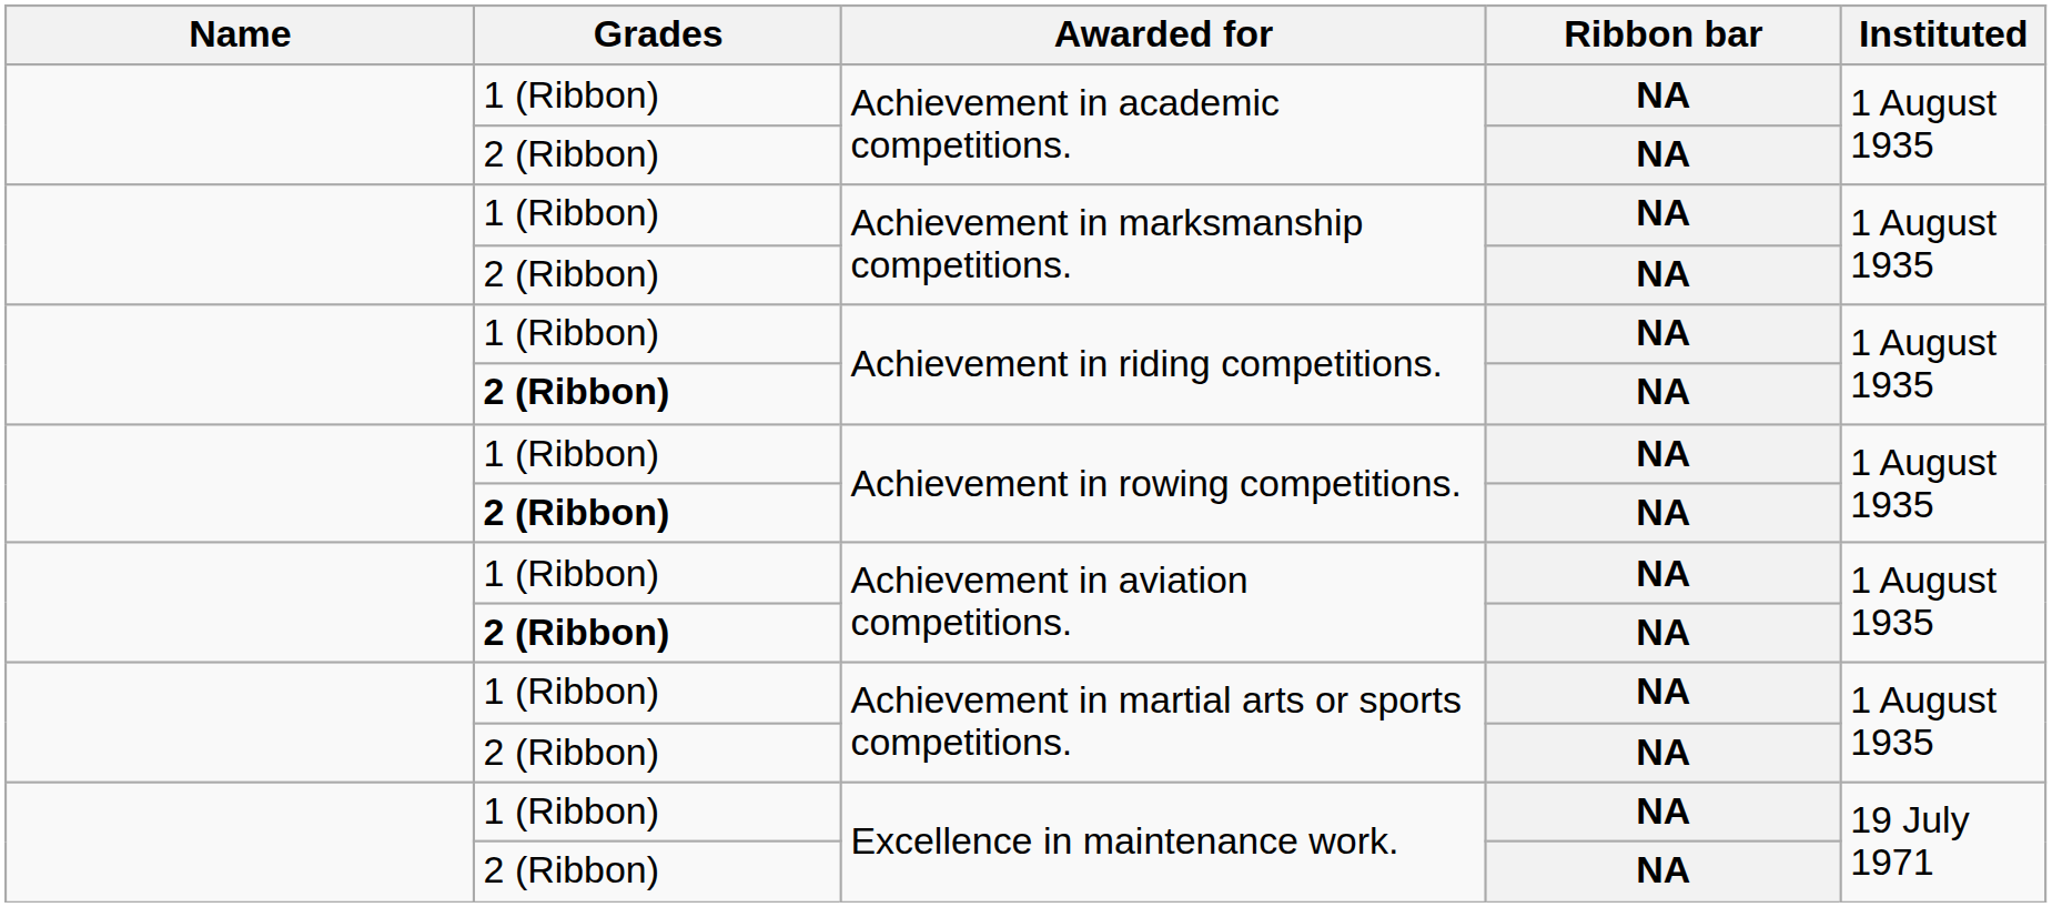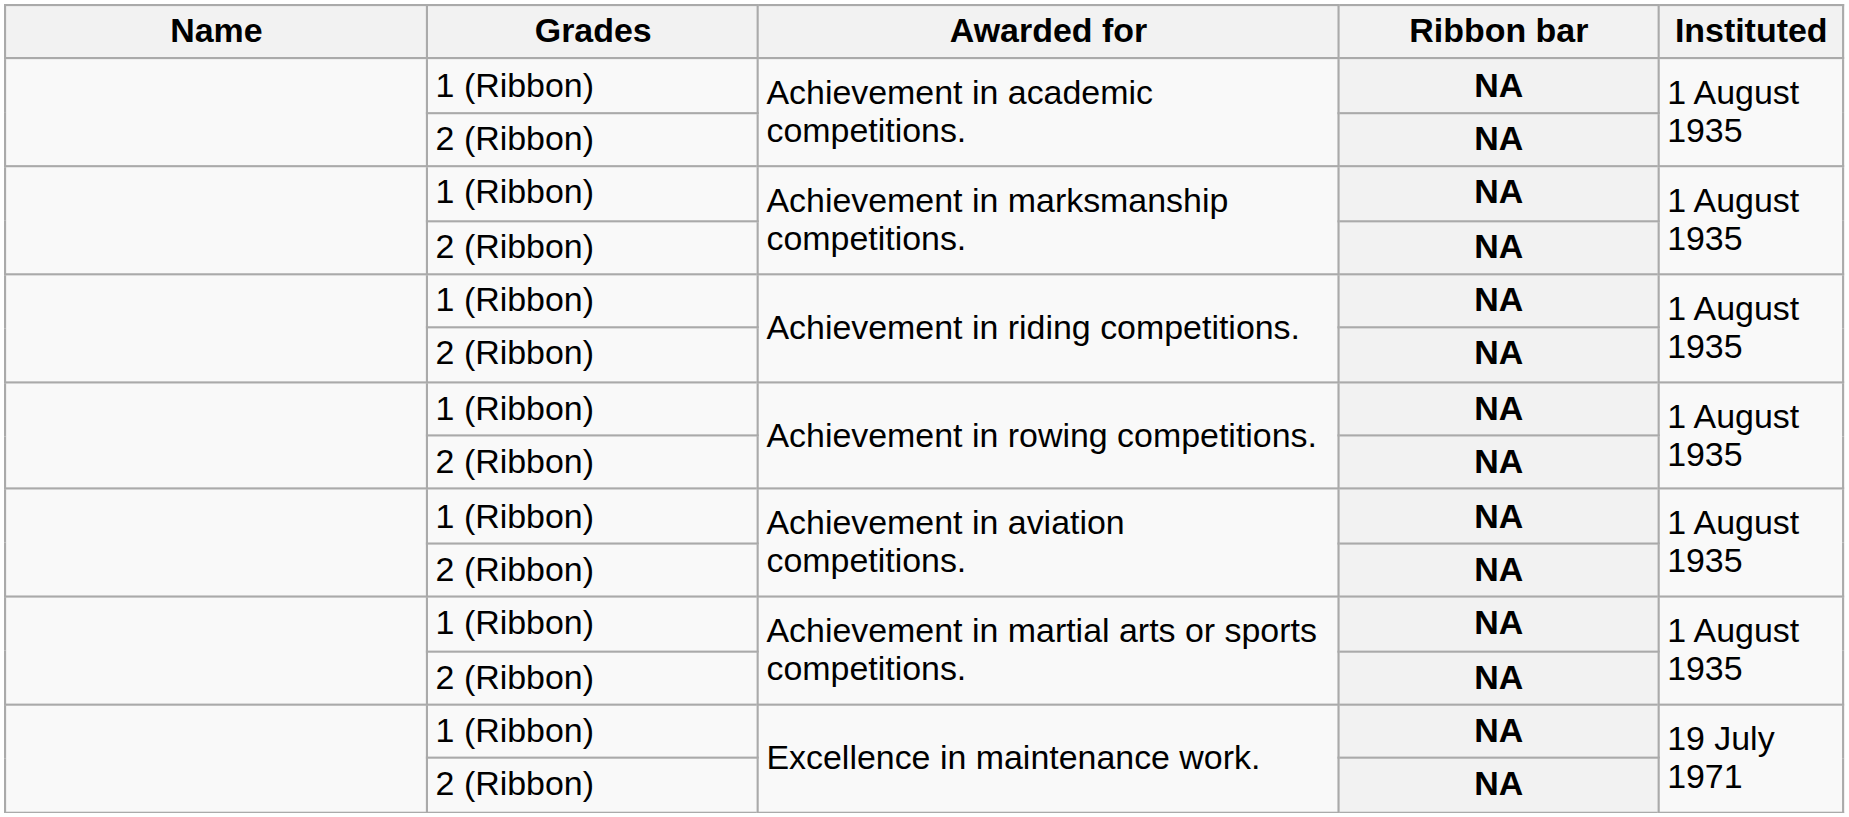 <table class="wikitable">
 <tr>
 <th width="23%">Name</th>
 <th width="18%">Grades</th>
 <th>Awarded for</th>
 <th width="144px">Ribbon bar</th>
 <th width="10%">Instituted</th>
 </tr>
 <tr>
 <td rowspan=2></td>
 <td>1 (Ribbon)</td>
 <td rowspan=2>Achievement in academic competitions.</td>
 <th>NA</th>
 <td rowspan=2>1 August 1935</td>
 </tr>
 <tr>
 <td>2 (Ribbon)</td>
 <th>NA</th>
 </tr>
 <tr>
 <td rowspan=2></td>
 <td>1 (Ribbon)</td>
 <td rowspan=2>Achievement in marksmanship competitions.</td>
 <th>NA</th>
 <td rowspan=2>1 August 1935</td>
 </tr>
 <tr>
 <td>2 (Ribbon)</td>
 <th>NA</th>
 </tr>
 <tr>
 <td rowspan=2></td>
 <td>1 (Ribbon)</td>
 <td rowspan=2>Achievement in riding competitions.</td>
 <th>NA</th>
 <td rowspan=2>1 August 1935</td>
 </tr>
 <tr>
-<td><strong>2 (Ribbon)</strong></td>
+<td>2 (Ribbon)</td>
 <th>NA</th>
 </tr>
 <tr>
 <td rowspan=2></td>
 <td>1 (Ribbon)</td>
 <td rowspan=2>Achievement in rowing competitions.</td>
 <th>NA</th>
 <td rowspan=2>1 August 1935</td>
 </tr>
 <tr>
-<td><strong>2 (Ribbon)</strong></td>
+<td>2 (Ribbon)</td>
 <th>NA</th>
 </tr>
 <tr>
 <td rowspan=2></td>
 <td>1 (Ribbon)</td>
 <td rowspan=2>Achievement in aviation competitions.</td>
 <th>NA</th>
 <td rowspan=2>1 August 1935</td>
 </tr>
 <tr>
-<td><strong>2 (Ribbon)</strong></td>
+<td>2 (Ribbon)</td>
 <th>NA</th>
 </tr>
 <tr>
 <td rowspan=2></td>
 <td>1 (Ribbon)</td>
 <td rowspan=2>Achievement in martial arts or sports competitions.</td>
 <th>NA</th>
 <td rowspan=2>1 August 1935</td>
 </tr>
 <tr>
 <td>2 (Ribbon)</td>
 <th>NA</th>
 </tr>
 <tr>
 <td rowspan=2></td>
 <td>1 (Ribbon)</td>
 <td rowspan=2>Excellence in maintenance work.</td>
 <th>NA</th>
 <td rowspan=2>19 July 1971</td>
 </tr>
 <tr>
 <td>2 (Ribbon)</td>
 <th>NA</th>
 </tr>
 </table>
